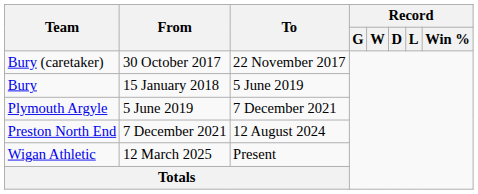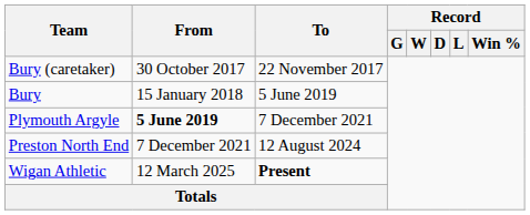 <table class="wikitable" style="text-align:centre">
 <tr>
 <th rowspan=2>Team</th>
 <th rowspan=2>From</th>
 <th rowspan=2>To</th>
 <th colspan=8>Record</th>
 </tr>
 <tr>
 <th>G</th>
 <th>W</th>
 <th>D</th>
 <th>L</th>
 <th>Win %</th>
 </tr>
 <tr>
 <td align=left><a href='#'>Bury</a> (caretaker)</td>
 <td align=left>30 October 2017</td>
 <td align=left>22 November 2017<br></td>
 </tr>
 <tr>
 <td align=left><a href='#'>Bury</a></td>
 <td align=left>15 January 2018</td>
 <td align=left>5 June 2019<br></td>
 </tr>
 <tr>
 <td align=left><a href='#'>Plymouth Argyle</a></td>
-<td align=left>5 June 2019</td>
+<td align=left><strong>5 June 2019</strong></td>
 <td align=left>7 December 2021<br></td>
 </tr>
 <tr>
 <td align=left><a href='#'>Preston North End</a></td>
 <td align=left>7 December 2021</td>
 <td align=left>12 August 2024<br></td>
 </tr>
 <tr>
 <td align=left><a href='#'>Wigan Athletic</a></td>
 <td align=left>12 March 2025</td>
-<td align=left>Present<br></td>
+<td align=left><strong>Present<br></strong></td>
 </tr>
 <tr>
 <th colspan="3">Totals<br></th>
 </tr>
 </table>
